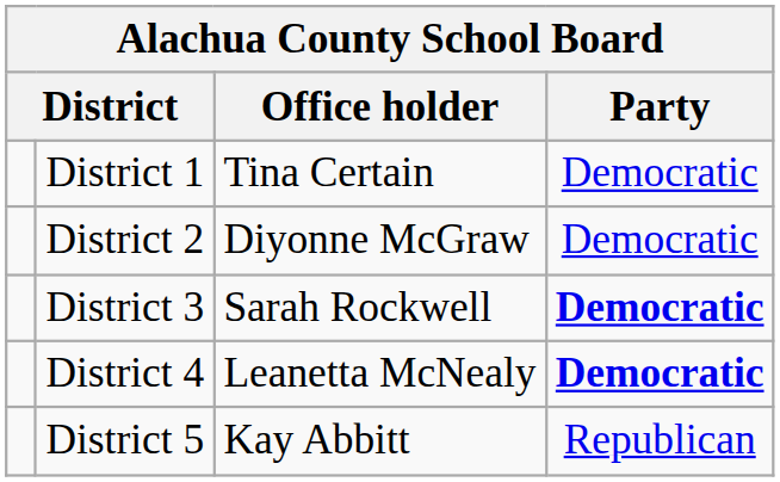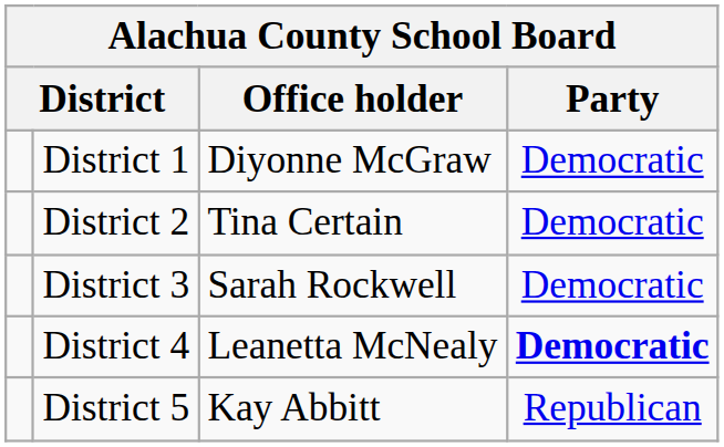 <table class="wikitable" style="margin:10px">
 <tr>
 <th colspan="4">Alachua County School Board</th>
 </tr>
 <tr>
 <th colspan="2" style="text-align:center; vertical-align:bottom;">District</th>
 <th style="text-align:center;">Office holder</th>
 <th valign="bottom">Party</th>
 </tr>
 <tr>
 <td style="background-color:"> </td>
 <td>District 1</td>
-<td>Tina Certain</td>
+<td>Diyonne McGraw</td>
 <td style="text-align:center;"><a href='#'>Democratic</a></td>
 </tr>
 <tr>
 <td style="background-color:"> </td>
 <td>District 2</td>
-<td>Diyonne McGraw</td>
+<td>Tina Certain</td>
 <td style="text-align:center;"><a href='#'>Democratic</a></td>
 </tr>
 <tr>
 <td style="background-color:"> </td>
 <td>District 3</td>
 <td>Sarah Rockwell</td>
-<td style="text-align:center;"><strong><a href='#'>Democratic</a></strong></td>
+<td style="text-align:center;"><a href='#'>Democratic</a></td>
 </tr>
 <tr>
 <td style="background-color:"> </td>
 <td>District 4</td>
 <td>Leanetta McNealy</td>
 <td style="text-align:center;"><strong><a href='#'>Democratic</a></strong></td>
 </tr>
 <tr>
 <td></td>
 <td>District 5</td>
 <td>Kay Abbitt</td>
 <td style="text-align:center;"><a href='#'>Republican</a></td>
 </tr>
 </table>
